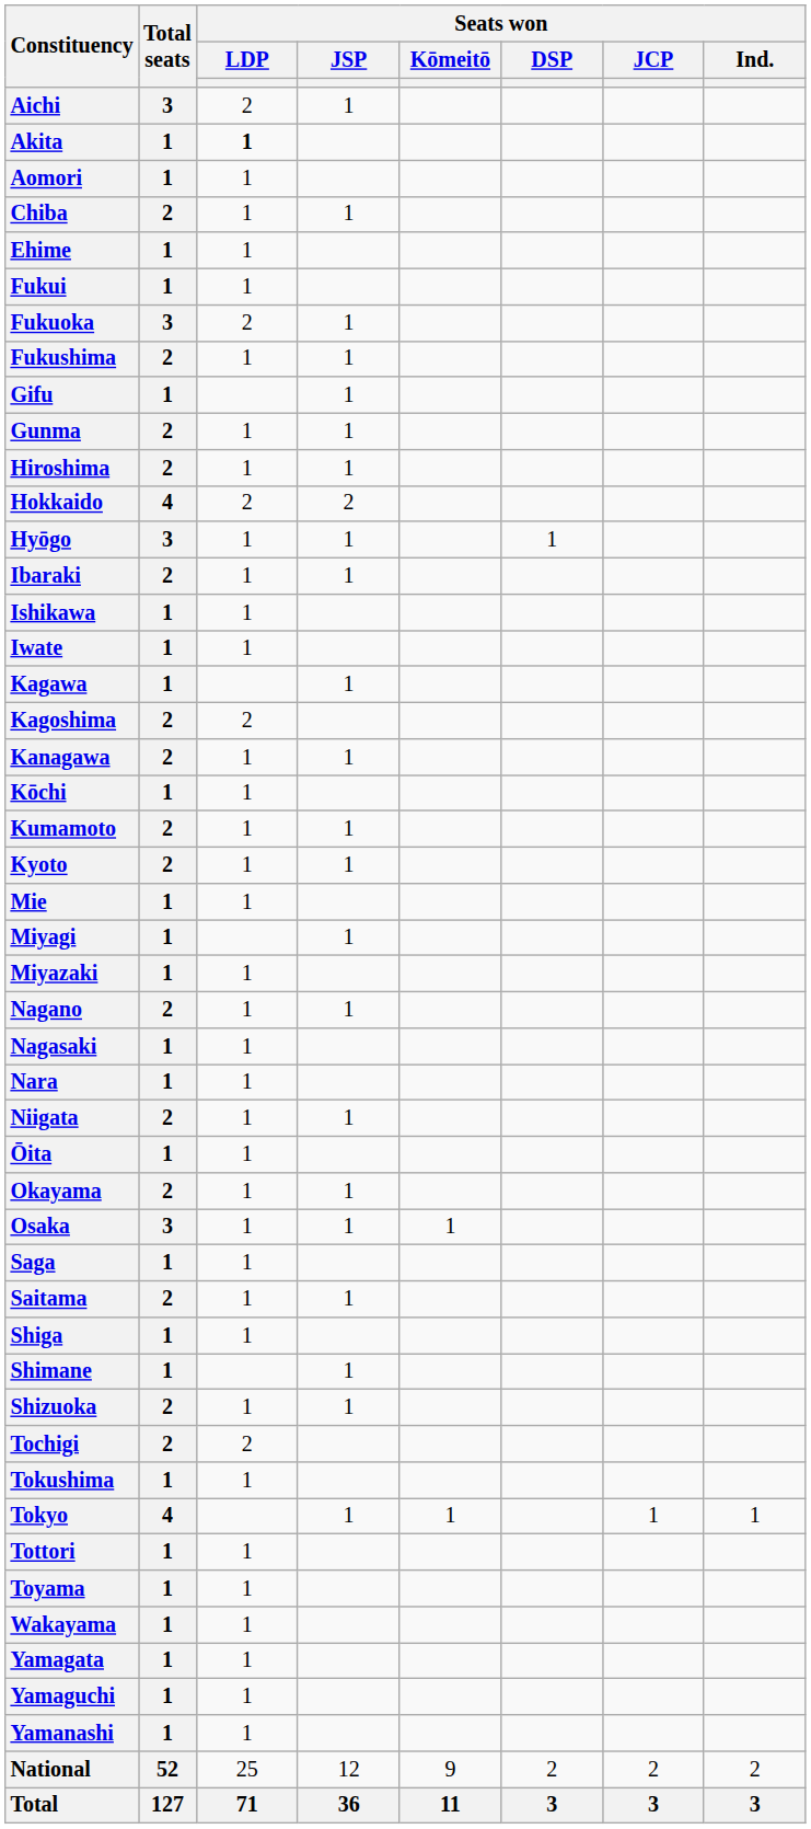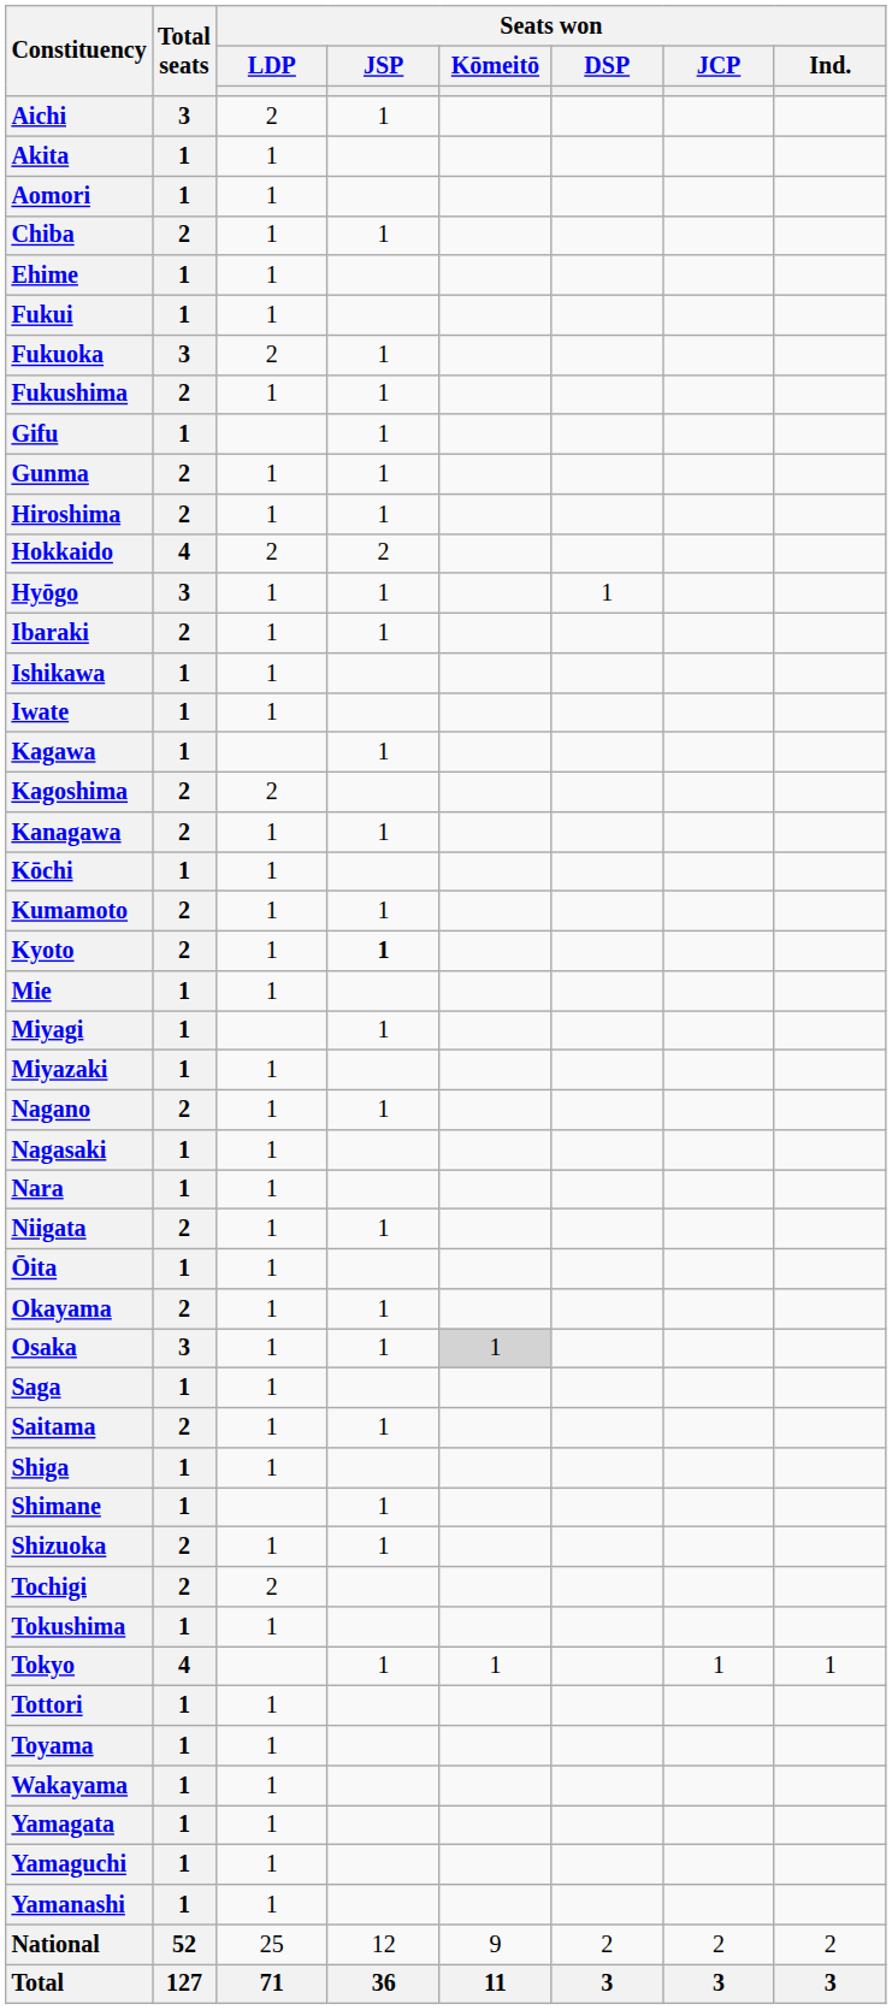 <table class="wikitable" style="text-align:center; font-size: 0.9em;">
 <tr>
 <th rowspan="3">Constituency</th>
 <th rowspan="3">Total<br>seats</th>
 <th colspan="6">Seats won</th>
 </tr>
 <tr>
 <th class="unsortable" style="width:60px;"><a href='#'>LDP</a></th>
 <th class="unsortable" style="width:60px;"><a href='#'>JSP</a></th>
 <th class="unsortable" style="width:60px;"><a href='#'>Kōmeitō</a></th>
 <th class="unsortable" style="width:60px;"><a href='#'>DSP</a></th>
 <th class="unsortable" style="width:60px;"><a href='#'>JCP</a></th>
 <th class="unsortable" style="width:60px;">Ind.</th>
 </tr>
 <tr>
 <th style="background:"></th>
 <th style="background:"></th>
 <th style="background:"></th>
 <th style="background:"></th>
 <th style="background:"></th>
 <th style="background:"></th>
 </tr>
 <tr>
 <th style="text-align: left;"><a href='#'>Aichi</a></th>
 <th>3</th>
 <td>2</td>
 <td>1</td>
 <td></td>
 <td></td>
 <td></td>
 <td></td>
 </tr>
 <tr>
 <th style="text-align: left;"><a href='#'>Akita</a></th>
 <th>1</th>
-<td><strong>1</strong></td>
+<td>1</td>
 <td></td>
 <td></td>
 <td></td>
 <td></td>
 <td></td>
 </tr>
 <tr>
 <th style="text-align: left;"><a href='#'>Aomori</a></th>
 <th>1</th>
 <td>1</td>
 <td></td>
 <td></td>
 <td></td>
 <td></td>
 <td></td>
 </tr>
 <tr>
 <th style="text-align: left;"><a href='#'>Chiba</a></th>
 <th>2</th>
 <td>1</td>
 <td>1</td>
 <td></td>
 <td></td>
 <td></td>
 <td></td>
 </tr>
 <tr>
 <th style="text-align: left;"><a href='#'>Ehime</a></th>
 <th>1</th>
 <td>1</td>
 <td></td>
 <td></td>
 <td></td>
 <td></td>
 <td></td>
 </tr>
 <tr>
 <th style="text-align: left;"><a href='#'>Fukui</a></th>
 <th>1</th>
 <td>1</td>
 <td></td>
 <td></td>
 <td></td>
 <td></td>
 <td></td>
 </tr>
 <tr>
 <th style="text-align: left;"><a href='#'>Fukuoka</a></th>
 <th>3</th>
 <td>2</td>
 <td>1</td>
 <td></td>
 <td></td>
 <td></td>
 <td></td>
 </tr>
 <tr>
 <th style="text-align: left;"><a href='#'>Fukushima</a></th>
 <th>2</th>
 <td>1</td>
 <td>1</td>
 <td></td>
 <td></td>
 <td></td>
 <td></td>
 </tr>
 <tr>
 <th style="text-align: left;"><a href='#'>Gifu</a></th>
 <th>1</th>
 <td></td>
 <td>1</td>
 <td></td>
 <td></td>
 <td></td>
 <td></td>
 </tr>
 <tr>
 <th style="text-align: left;"><a href='#'>Gunma</a></th>
 <th>2</th>
 <td>1</td>
 <td>1</td>
 <td></td>
 <td></td>
 <td></td>
 <td></td>
 </tr>
 <tr>
 <th style="text-align: left;"><a href='#'>Hiroshima</a></th>
 <th>2</th>
 <td>1</td>
 <td>1</td>
 <td></td>
 <td></td>
 <td></td>
 <td></td>
 </tr>
 <tr>
 <th style="text-align: left;"><a href='#'>Hokkaido</a></th>
 <th>4</th>
 <td>2</td>
 <td>2</td>
 <td></td>
 <td></td>
 <td></td>
 <td></td>
 </tr>
 <tr>
 <th style="text-align: left;"><a href='#'>Hyōgo</a></th>
 <th>3</th>
 <td>1</td>
 <td>1</td>
 <td></td>
 <td>1</td>
 <td></td>
 <td></td>
 </tr>
 <tr>
 <th style="text-align: left;"><a href='#'>Ibaraki</a></th>
 <th>2</th>
 <td>1</td>
 <td>1</td>
 <td></td>
 <td></td>
 <td></td>
 <td></td>
 </tr>
 <tr>
 <th style="text-align: left;"><a href='#'>Ishikawa</a></th>
 <th>1</th>
 <td>1</td>
 <td></td>
 <td></td>
 <td></td>
 <td></td>
 <td></td>
 </tr>
 <tr>
 <th style="text-align: left;"><a href='#'>Iwate</a></th>
 <th>1</th>
 <td>1</td>
 <td></td>
 <td></td>
 <td></td>
 <td></td>
 <td></td>
 </tr>
 <tr>
 <th style="text-align: left;"><a href='#'>Kagawa</a></th>
 <th>1</th>
 <td></td>
 <td>1</td>
 <td></td>
 <td></td>
 <td></td>
 <td></td>
 </tr>
 <tr>
 <th style="text-align: left;"><a href='#'>Kagoshima</a></th>
 <th>2</th>
 <td>2</td>
 <td></td>
 <td></td>
 <td></td>
 <td></td>
 <td></td>
 </tr>
 <tr>
 <th style="text-align: left;"><a href='#'>Kanagawa</a></th>
 <th>2</th>
 <td>1</td>
 <td>1</td>
 <td></td>
 <td></td>
 <td></td>
 <td></td>
 </tr>
 <tr>
 <th style="text-align: left;"><a href='#'>Kōchi</a></th>
 <th>1</th>
 <td>1</td>
 <td></td>
 <td></td>
 <td></td>
 <td></td>
 <td></td>
 </tr>
 <tr>
 <th style="text-align: left;"><a href='#'>Kumamoto</a></th>
 <th>2</th>
 <td>1</td>
 <td>1</td>
 <td></td>
 <td></td>
 <td></td>
 <td></td>
 </tr>
 <tr>
 <th style="text-align: left;"><a href='#'>Kyoto</a></th>
 <th>2</th>
 <td>1</td>
-<td>1</td>
+<td><strong>1</strong></td>
 <td></td>
 <td></td>
 <td></td>
 <td></td>
 </tr>
 <tr>
 <th style="text-align: left;"><a href='#'>Mie</a></th>
 <th>1</th>
 <td>1</td>
 <td></td>
 <td></td>
 <td></td>
 <td></td>
 <td></td>
 </tr>
 <tr>
 <th style="text-align: left;"><a href='#'>Miyagi</a></th>
 <th>1</th>
 <td></td>
 <td>1</td>
 <td></td>
 <td></td>
 <td></td>
 <td></td>
 </tr>
 <tr>
 <th style="text-align: left;"><a href='#'>Miyazaki</a></th>
 <th>1</th>
 <td>1</td>
 <td></td>
 <td></td>
 <td></td>
 <td></td>
 <td></td>
 </tr>
 <tr>
 <th style="text-align: left;"><a href='#'>Nagano</a></th>
 <th>2</th>
 <td>1</td>
 <td>1</td>
 <td></td>
 <td></td>
 <td></td>
 <td></td>
 </tr>
 <tr>
 <th style="text-align: left;"><a href='#'>Nagasaki</a></th>
 <th>1</th>
 <td>1</td>
 <td></td>
 <td></td>
 <td></td>
 <td></td>
 <td></td>
 </tr>
 <tr>
 <th style="text-align: left;"><a href='#'>Nara</a></th>
 <th>1</th>
 <td>1</td>
 <td></td>
 <td></td>
 <td></td>
 <td></td>
 <td></td>
 </tr>
 <tr>
 <th style="text-align: left;"><a href='#'>Niigata</a></th>
 <th>2</th>
 <td>1</td>
 <td>1</td>
 <td></td>
 <td></td>
 <td></td>
 <td></td>
 </tr>
 <tr>
 <th style="text-align: left;"><a href='#'>Ōita</a></th>
 <th>1</th>
 <td>1</td>
 <td></td>
 <td></td>
 <td></td>
 <td></td>
 <td></td>
 </tr>
 <tr>
 <th style="text-align: left;"><a href='#'>Okayama</a></th>
 <th>2</th>
 <td>1</td>
 <td>1</td>
 <td></td>
 <td></td>
 <td></td>
 <td></td>
 </tr>
 <tr>
 <th style="text-align: left;"><a href='#'>Osaka</a></th>
 <th>3</th>
 <td>1</td>
 <td>1</td>
-<td>1</td>
+<td style="background: lightgrey;">1</td>
 <td></td>
 <td></td>
 <td></td>
 </tr>
 <tr>
 <th style="text-align: left;"><a href='#'>Saga</a></th>
 <th>1</th>
 <td>1</td>
 <td></td>
 <td></td>
 <td></td>
 <td></td>
 <td></td>
 </tr>
 <tr>
 <th style="text-align: left;"><a href='#'>Saitama</a></th>
 <th>2</th>
 <td>1</td>
 <td>1</td>
 <td></td>
 <td></td>
 <td></td>
 <td></td>
 </tr>
 <tr>
 <th style="text-align: left;"><a href='#'>Shiga</a></th>
 <th>1</th>
 <td>1</td>
 <td></td>
 <td></td>
 <td></td>
 <td></td>
 <td></td>
 </tr>
 <tr>
 <th style="text-align: left;"><a href='#'>Shimane</a></th>
 <th>1</th>
 <td></td>
 <td>1</td>
 <td></td>
 <td></td>
 <td></td>
 <td></td>
 </tr>
 <tr>
 <th style="text-align: left;"><a href='#'>Shizuoka</a></th>
 <th>2</th>
 <td>1</td>
 <td>1</td>
 <td></td>
 <td></td>
 <td></td>
 <td></td>
 </tr>
 <tr>
 <th style="text-align: left;"><a href='#'>Tochigi</a></th>
 <th>2</th>
 <td>2</td>
 <td></td>
 <td></td>
 <td></td>
 <td></td>
 <td></td>
 </tr>
 <tr>
 <th style="text-align: left;"><a href='#'>Tokushima</a></th>
 <th>1</th>
 <td>1</td>
 <td></td>
 <td></td>
 <td></td>
 <td></td>
 <td></td>
 </tr>
 <tr>
 <th style="text-align: left;"><a href='#'>Tokyo</a></th>
 <th>4</th>
 <td></td>
 <td>1</td>
 <td>1</td>
 <td></td>
 <td>1</td>
 <td>1</td>
 </tr>
 <tr>
 <th style="text-align: left;"><a href='#'>Tottori</a></th>
 <th>1</th>
 <td>1</td>
 <td></td>
 <td></td>
 <td></td>
 <td></td>
 <td></td>
 </tr>
 <tr>
 <th style="text-align: left;"><a href='#'>Toyama</a></th>
 <th>1</th>
 <td>1</td>
 <td></td>
 <td></td>
 <td></td>
 <td></td>
 <td></td>
 </tr>
 <tr>
 <th style="text-align: left;"><a href='#'>Wakayama</a></th>
 <th>1</th>
 <td>1</td>
 <td></td>
 <td></td>
 <td></td>
 <td></td>
 <td></td>
 </tr>
 <tr>
 <th style="text-align: left;"><a href='#'>Yamagata</a></th>
 <th>1</th>
 <td>1</td>
 <td></td>
 <td></td>
 <td></td>
 <td></td>
 <td></td>
 </tr>
 <tr>
 <th style="text-align: left;"><a href='#'>Yamaguchi</a></th>
 <th>1</th>
 <td>1</td>
 <td></td>
 <td></td>
 <td></td>
 <td></td>
 <td></td>
 </tr>
 <tr>
 <th style="text-align: left;"><a href='#'>Yamanashi</a></th>
 <th>1</th>
 <td>1</td>
 <td></td>
 <td></td>
 <td></td>
 <td></td>
 <td></td>
 </tr>
 <tr>
 <th style="text-align: left;">National</th>
 <th>52</th>
 <td>25</td>
 <td>12</td>
 <td>9</td>
 <td>2</td>
 <td>2</td>
 <td>2</td>
 </tr>
 <tr class="sortbottom">
 <th style="text-align: left;">Total</th>
 <th>127</th>
 <th>71</th>
 <th>36</th>
 <th>11</th>
 <th>3</th>
 <th>3</th>
 <th>3</th>
 </tr>
 </table>
